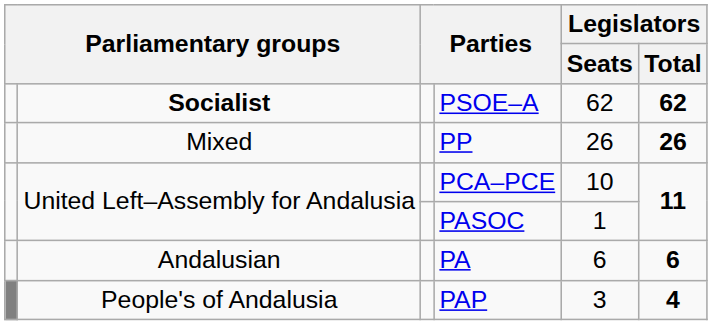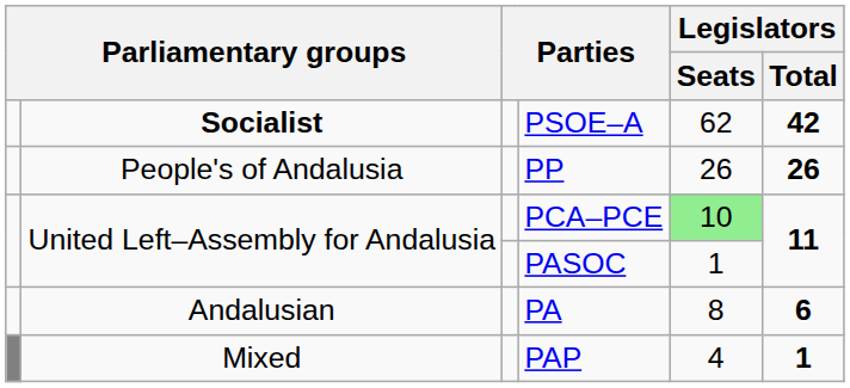 <table class="wikitable" style="text-align:center;">
 <tr>
 <th rowspan="2" colspan="2">Parliamentary groups</th>
 <th rowspan="2" colspan="2">Parties</th>
 <th colspan="2">Legislators</th>
 </tr>
 <tr>
 <th>Seats</th>
 <th>Total</th>
 </tr>
 <tr>
 <td width="1" style="color:inherit;background:"></td>
 <td><strong>Socialist</strong></td>
 <td width="1" style="color:inherit;background:"></td>
 <td align="left"><a href='#'>PSOE–A</a></td>
 <td>62</td>
-<td><strong>62</strong></td>
+<td><strong>42</strong></td>
 </tr>
 <tr>
 <td style="color:inherit;background:"></td>
-<td>Mixed</td>
+<td>People's of Andalusia</td>
 <td style="color:inherit;background:"></td>
 <td align="left"><a href='#'>PP</a></td>
 <td>26</td>
 <td><strong>26</strong></td>
 </tr>
 <tr>
 <td rowspan="2" style="color:inherit;background:"></td>
 <td rowspan="2">United Left–Assembly for Andalusia</td>
 <td style="color:inherit;background:"></td>
 <td align="left"><a href='#'>PCA–PCE</a></td>
-<td>10</td>
+<td style="background: lightgreen;">10</td>
 <td rowspan="2"><strong>11</strong></td>
 </tr>
 <tr>
 <td style="color:inherit;background:"></td>
 <td align="left"><a href='#'>PASOC</a></td>
 <td>1</td>
 </tr>
 <tr>
 <td style="color:inherit;background:"></td>
 <td>Andalusian</td>
 <td style="color:inherit;background:"></td>
 <td align="left"><a href='#'>PA</a></td>
-<td>6</td>
+<td>8</td>
 <td><strong>6</strong></td>
 </tr>
 <tr>
 <td bgcolor="gray"></td>
-<td>People's of Andalusia</td>
+<td>Mixed</td>
 <td style="color:inherit;background:"></td>
 <td align="left"><a href='#'>PAP</a></td>
-<td>3</td>
-<td><strong>4</strong></td>
+<td>4</td>
+<td><strong>1</strong></td>
 </tr>
 </table>
